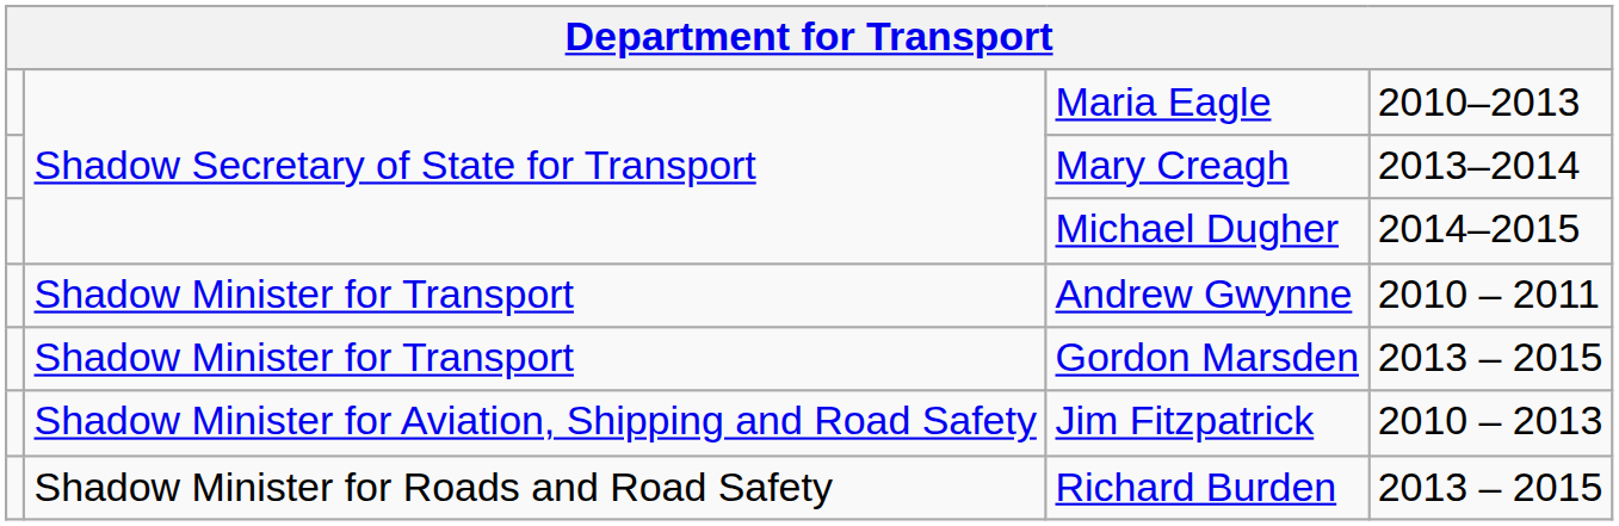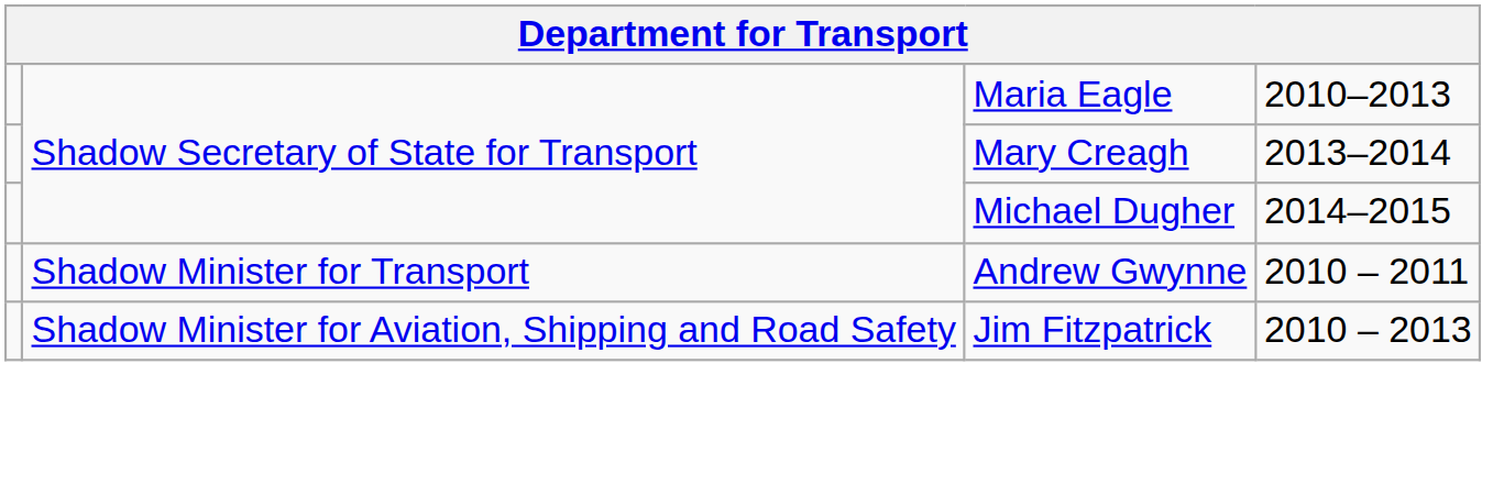 <table class="wikitable">
 <tr>
 <th colspan="4"><a href='#'>Department for Transport</a></th>
 </tr>
 <tr>
 <td style="background: "></td>
 <td rowspan="3"><a href='#'>Shadow Secretary of State for Transport</a></td>
 <td><a href='#'>Maria Eagle</a></td>
 <td>2010–2013</td>
 </tr>
 <tr>
 <td style="background: "></td>
 <td><a href='#'>Mary Creagh</a></td>
 <td>2013–2014</td>
 </tr>
 <tr>
 <td style="background: "></td>
 <td><a href='#'>Michael Dugher</a></td>
 <td>2014–2015</td>
 </tr>
 <tr>
 <td style="background: "></td>
 <td rowspan="1"><a href='#'>Shadow Minister for Transport</a></td>
 <td><a href='#'>Andrew Gwynne</a></td>
 <td>2010 – 2011</td>
 </tr>
 <tr>
 <td style="background: "></td>
-<td rowspan="1"><a href='#'>Shadow Minister for Transport</a></td>
-<td><a href='#'>Gordon Marsden</a></td>
-<td>2013 – 2015</td>
-</tr>
-<tr>
-<td style="background: "></td>
 <td><a href='#'>Shadow Minister for Aviation, Shipping and Road Safety</a></td>
 <td><a href='#'>Jim Fitzpatrick</a></td>
 <td>2010 – 2013</td>
 </tr>
-<tr>
-<td style="background: "></td>
-<td>Shadow Minister for Roads and Road Safety</td>
-<td><a href='#'>Richard Burden</a></td>
-<td>2013 – 2015</td>
-</tr>
 </table>
